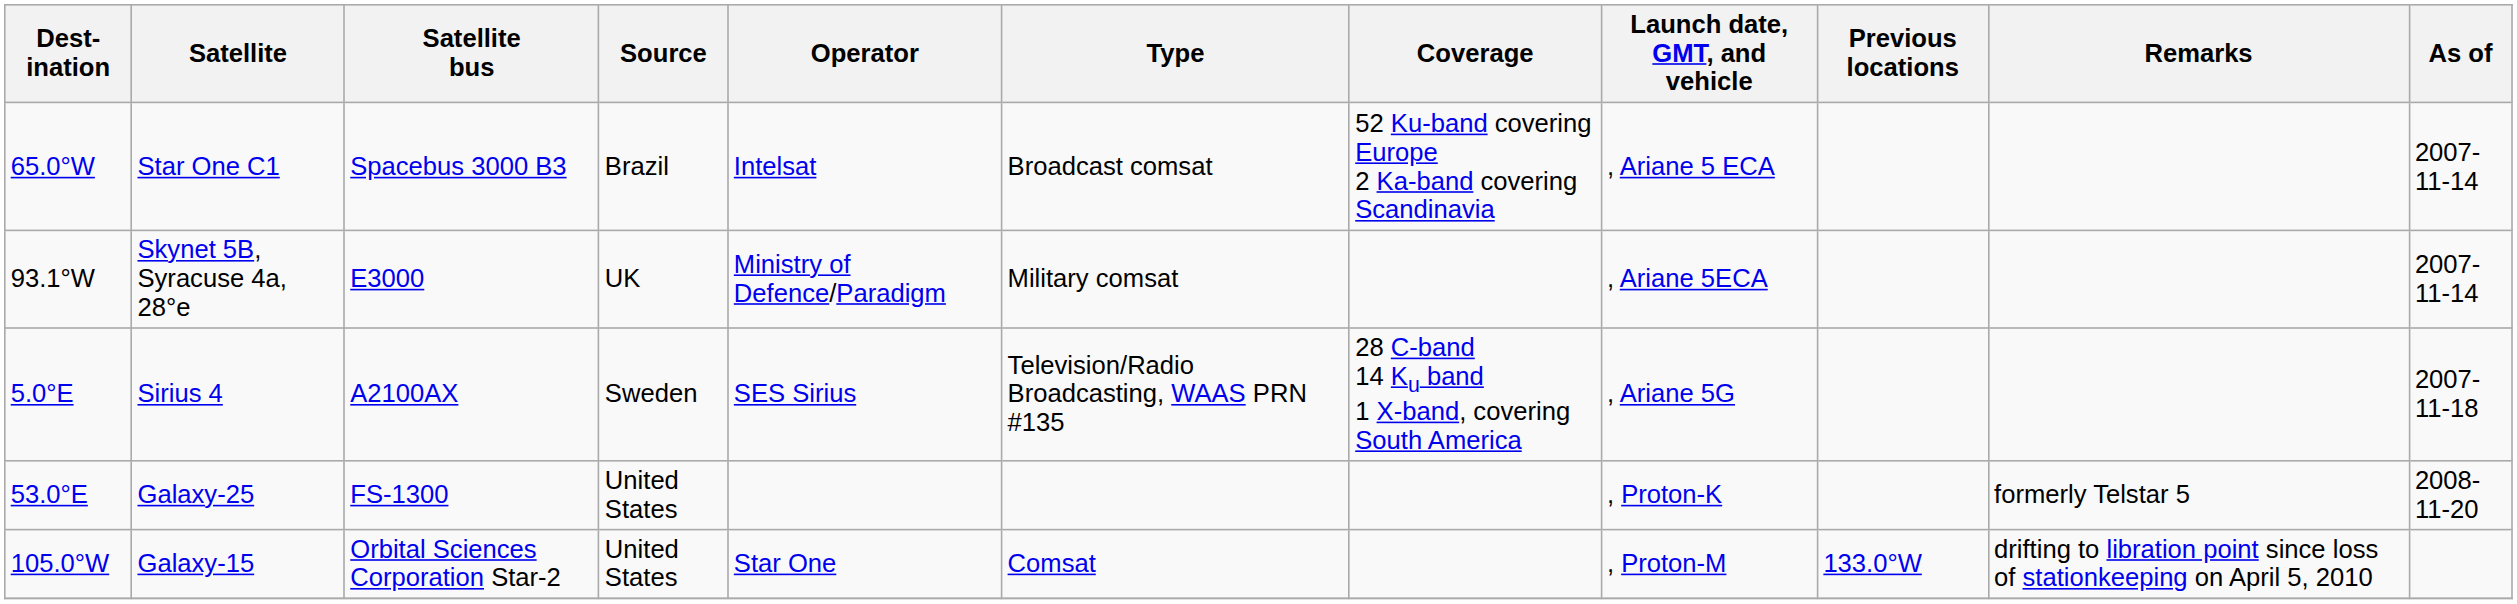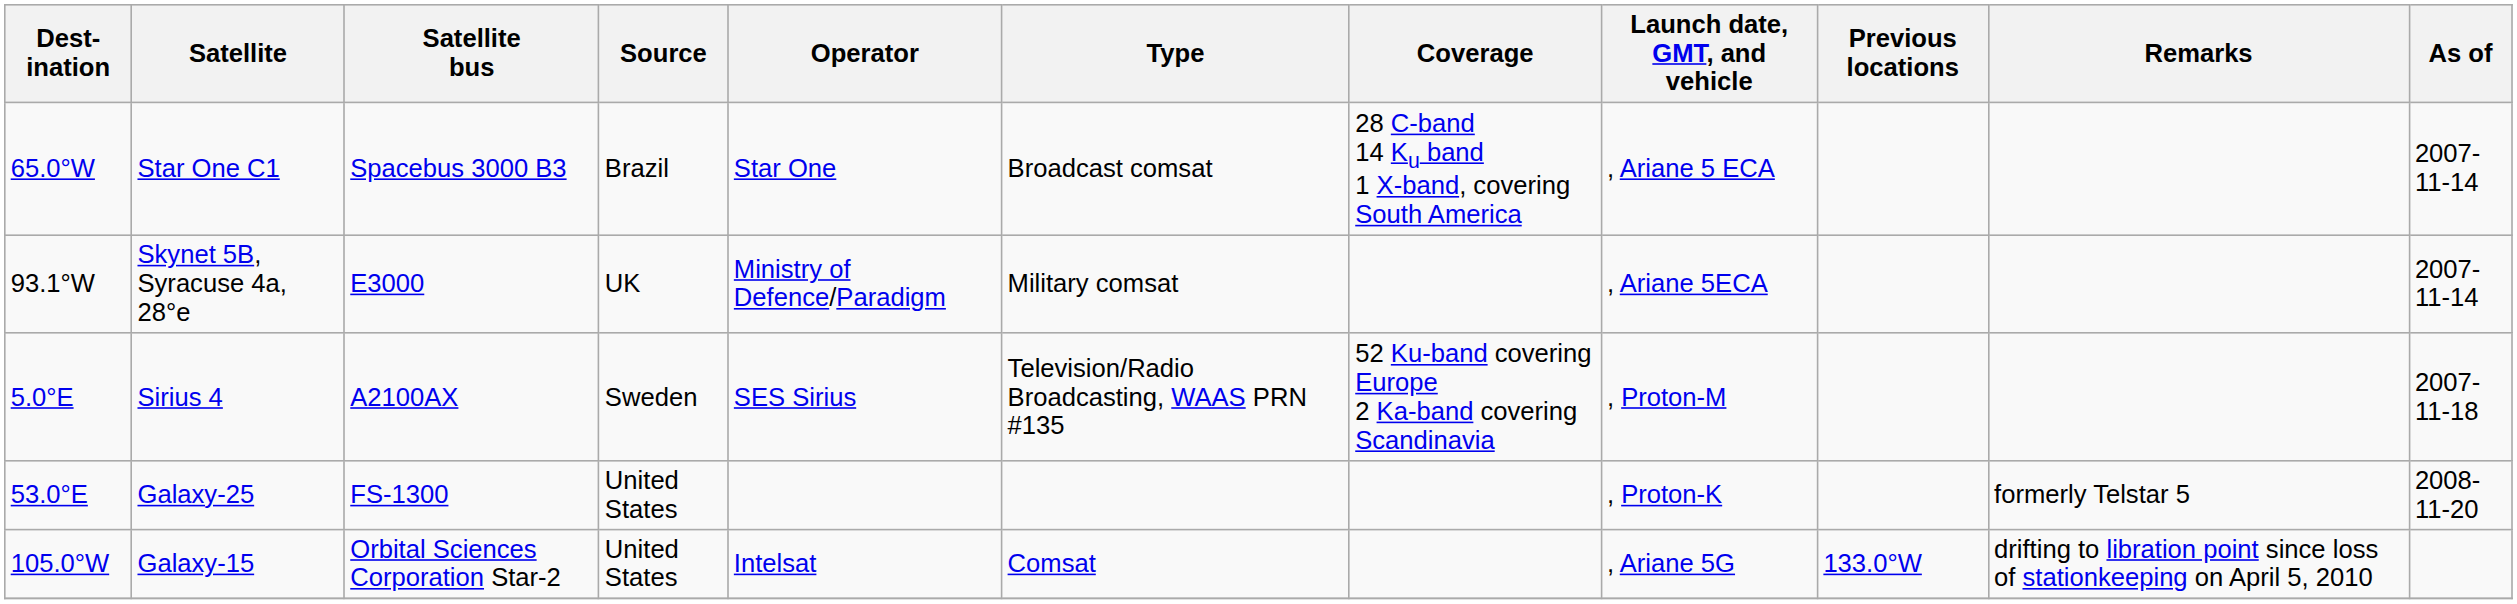 <table class="wikitable sortable">
 <tr>
 <th>Dest­ination</th>
 <th>Satellite</th>
 <th>Satellite <br>bus</th>
 <th>Source</th>
 <th>Operator</th>
 <th>Type</th>
 <th>Coverage </th>
 <th>Launch date, <a href='#'>GMT</a>, and vehicle</th>
 <th>Previous locations</th>
 <th>Remarks</th>
 <th>As of </th>
 </tr>
 <tr>
 <td><a href='#'>65.0°W</a></td>
 <td><a href='#'>Star One C1</a></td>
 <td><a href='#'>Spacebus 3000 B3</a></td>
 <td>Brazil</td>
-<td><a href='#'>Intelsat</a></td>
+<td><a href='#'>Star One</a></td>
 <td>Broadcast comsat</td>
-<td>52 <a href='#'>Ku-band</a> covering <a href='#'>Europe</a><br>2 <a href='#'>Ka-band</a> covering <a href='#'>Scandinavia</a></td>
+<td>28 <a href='#'>C-band</a><br>14 <a href='#'>K<sub>u</sub> band</a><br>1 <a href='#'>X-band</a>, covering <a href='#'>South America</a></td>
 <td>, <a href='#'>Ariane 5 ECA</a></td>
 <td></td>
 <td></td>
 <td>2007-11-14</td>
 </tr>
 <tr>
 <td>93.1°W</td>
 <td><a href='#'>Skynet 5B</a>, Syracuse 4a, 28°e</td>
 <td><a href='#'>E3000</a></td>
 <td>UK</td>
 <td><a href='#'>Ministry of Defence</a>/<a href='#'>Paradigm</a></td>
 <td>Military comsat</td>
 <td></td>
 <td>, <a href='#'>Ariane 5ECA</a></td>
 <td></td>
 <td></td>
 <td>2007-11-14</td>
 </tr>
 <tr>
 <td><a href='#'>5.0°E</a></td>
 <td><a href='#'>Sirius 4</a></td>
 <td><a href='#'>A2100AX</a></td>
 <td>Sweden</td>
 <td><a href='#'>SES Sirius</a></td>
 <td>Television/Radio Broadcasting, <a href='#'>WAAS</a> PRN #135</td>
-<td>28 <a href='#'>C-band</a><br>14 <a href='#'>K<sub>u</sub> band</a><br>1 <a href='#'>X-band</a>, covering <a href='#'>South America</a></td>
-<td>, <a href='#'>Ariane 5G</a></td>
+<td>52 <a href='#'>Ku-band</a> covering <a href='#'>Europe</a><br>2 <a href='#'>Ka-band</a> covering <a href='#'>Scandinavia</a></td>
+<td>, <a href='#'>Proton-M</a></td>
 <td></td>
 <td></td>
 <td>2007-11-18</td>
 </tr>
 <tr>
 <td><a href='#'>53.0°E</a></td>
 <td><a href='#'>Galaxy-25</a></td>
 <td><a href='#'>FS-1300</a></td>
 <td>United States</td>
 <td></td>
 <td></td>
 <td></td>
 <td>, <a href='#'>Proton-K</a></td>
 <td></td>
 <td>formerly Telstar 5</td>
 <td>2008-11-20</td>
 </tr>
 <tr>
 <td><a href='#'>105.0°W</a></td>
 <td><a href='#'>Galaxy-15</a></td>
 <td><a href='#'>Orbital Sciences Corporation</a> Star-2</td>
 <td>United States</td>
-<td><a href='#'>Star One</a></td>
+<td><a href='#'>Intelsat</a></td>
 <td><a href='#'>Comsat</a></td>
 <td></td>
-<td>, <a href='#'>Proton-M</a></td>
+<td>, <a href='#'>Ariane 5G</a></td>
 <td><a href='#'>133.0°W</a></td>
 <td>drifting to <a href='#'>libration point</a> since loss of <a href='#'>stationkeeping</a> on April 5, 2010</td>
 <td></td>
 </tr>
 <tr>
 </tr>
 </table>
